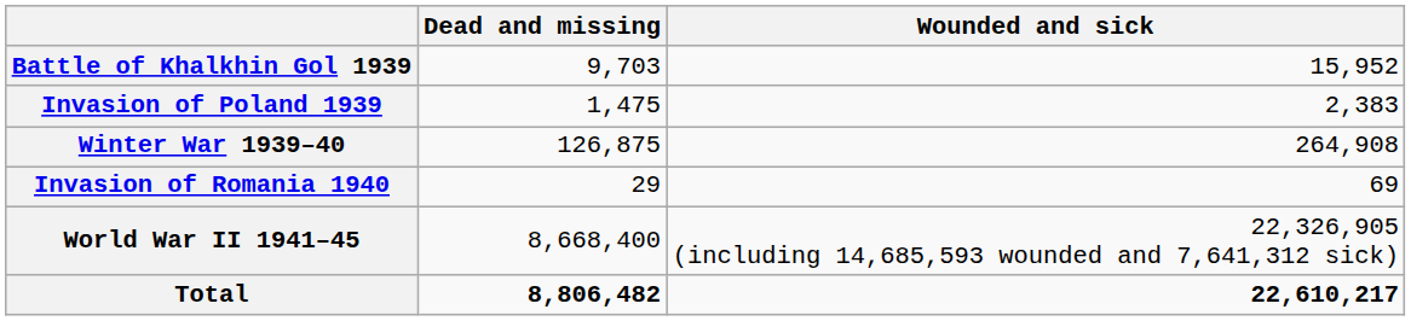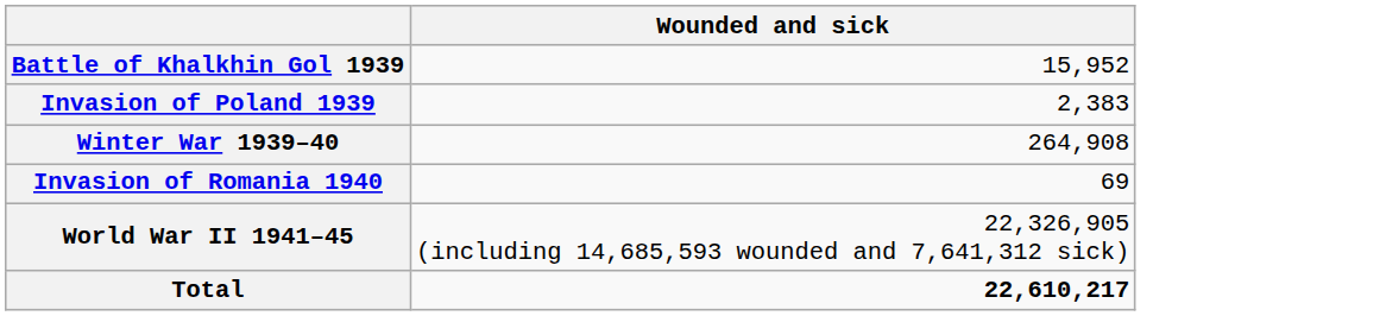 <table class="wikitable">
 <tr>
 <th></th>
-<th>Dead and missing</th>
 <th>Wounded and sick</th>
 </tr>
 <tr>
 <th><a href='#'>Battle of Khalkhin Gol</a> 1939</th>
-<td style="text-align:right;">9,703</td>
 <td style="text-align:right;">15,952</td>
 </tr>
 <tr>
 <th><a href='#'>Invasion of Poland 1939</a></th>
-<td style="text-align:right;">1,475</td>
 <td style="text-align:right;">2,383</td>
 </tr>
 <tr>
 <th><a href='#'>Winter War</a> 1939–40</th>
-<td style="text-align:right;">126,875</td>
 <td style="text-align:right;">264,908</td>
 </tr>
 <tr>
 <th><a href='#'>Invasion of Romania 1940</a></th>
-<td style="text-align:right;">29</td>
 <td style="text-align:right;">69</td>
 </tr>
 <tr>
 <th>World War II 1941–45</th>
-<td style="text-align:right;">8,668,400</td>
 <td style="text-align:right;">22,326,905<br>(including 14,685,593 wounded and 7,641,312 sick)</td>
 </tr>
 <tr>
 <th>Total</th>
-<td style="text-align:right;"><strong>8,806,482</strong></td>
 <td style="text-align:right;"><strong>22,610,217</strong></td>
 </tr>
 </table>
